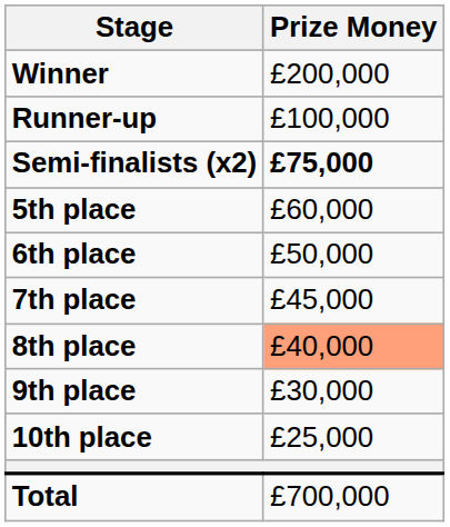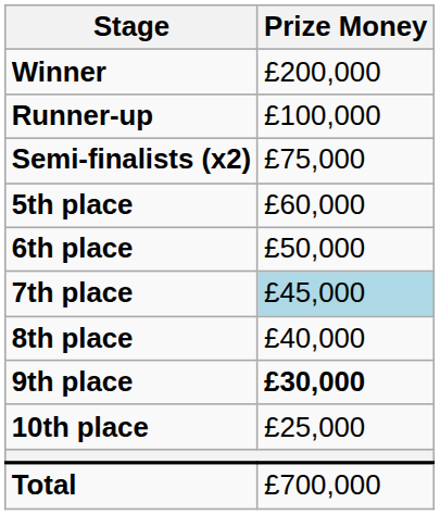 <table class="wikitable">
 <tr>
 <th>Stage</th>
 <th>Prize Money</th>
 </tr>
 <tr>
 <td><strong>Winner</strong></td>
 <td>£200,000</td>
 </tr>
 <tr>
 <td><strong>Runner-up</strong></td>
 <td>£100,000</td>
 </tr>
 <tr>
 <td><strong>Semi-finalists (x2)</strong></td>
-<td><strong>£75,000</strong></td>
+<td>£75,000</td>
 </tr>
 <tr>
 <td><strong>5th place</strong></td>
 <td>£60,000</td>
 </tr>
 <tr>
 <td><strong>6th place</strong></td>
 <td>£50,000</td>
 </tr>
 <tr>
 <td><strong>7th place</strong></td>
-<td>£45,000</td>
+<td style="background: lightblue;">£45,000</td>
 </tr>
 <tr>
 <td><strong>8th place</strong></td>
-<td style="background: lightsalmon;">£40,000</td>
+<td>£40,000</td>
 </tr>
 <tr>
 <td><strong>9th place</strong></td>
-<td>£30,000</td>
+<td><strong>£30,000</strong></td>
 </tr>
 <tr>
 <td><strong>10th place</strong></td>
 <td>£25,000</td>
 </tr>
 <tr>
 <th colspan=3></th>
 </tr>
 <tr style="border-top:2px solid black;">
 <td><strong>Total</strong></td>
 <td>£700,000</td>
 </tr>
 </table>
